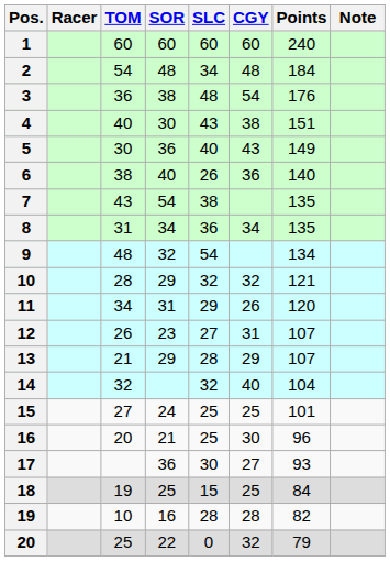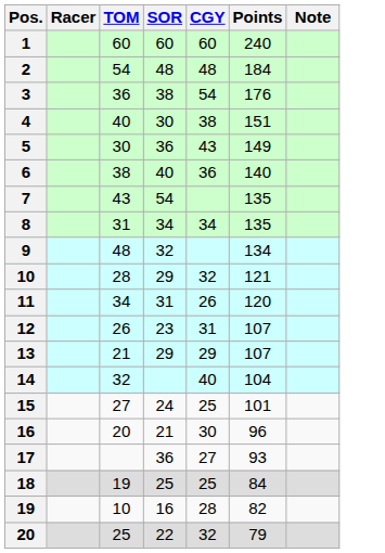 <table class="wikitable sortable plainrowheaders" style="text-align:center;">
 <tr>
 <th scope="col">Pos.</th>
 <th scope="col">Racer</th>
 <th scope="col"> <a href='#'>TOM</a></th>
 <th scope="col"> <a href='#'>SOR</a></th>
-<th scope="col"> <a href='#'>SLC</a></th>
 <th scope="col"> <a href='#'>CGY</a></th>
 <th style="width:45px;">Points</th>
 <th style="width:45px;">Note</th>
 </tr>
 <tr bgcolor=#ccffcc>
 <th style="text - align:center; ">1</th>
 <td align="left"></td>
-<td>60</td>
 <td>60</td>
 <td>60</td>
 <td>60</td>
 <td>240</td>
 <td></td>
 </tr>
 <tr bgcolor=#ccffcc>
 <th style="text - align:center; ">2</th>
 <td align="left"></td>
 <td>54</td>
 <td>48</td>
-<td>34</td>
 <td>48</td>
 <td>184</td>
 <td></td>
 </tr>
 <tr bgcolor=#ccffcc>
 <th style="text - align:center; ">3</th>
 <td align="left"></td>
 <td>36</td>
 <td>38</td>
-<td>48</td>
 <td>54</td>
 <td>176</td>
 <td></td>
 </tr>
 <tr bgcolor=#ccffcc>
 <th style="text - align:center; ">4</th>
 <td align="left"></td>
 <td>40</td>
 <td>30</td>
-<td>43</td>
 <td>38</td>
 <td>151</td>
 <td></td>
 </tr>
 <tr bgcolor=#ccffcc>
 <th style="text - align:center; ">5</th>
 <td align="left"></td>
 <td>30</td>
 <td>36</td>
-<td>40</td>
 <td>43</td>
 <td>149</td>
 <td></td>
 </tr>
 <tr bgcolor=#ccffcc>
 <th style="text - align:center; ">6</th>
 <td align="left"></td>
 <td>38</td>
 <td>40</td>
-<td>26</td>
 <td>36</td>
 <td>140</td>
 <td></td>
 </tr>
 <tr bgcolor=#ccffcc>
 <th style="text - align:center; ">7</th>
 <td align="left"></td>
 <td>43</td>
 <td>54</td>
-<td>38</td>
 <td></td>
 <td>135</td>
 <td></td>
 </tr>
 <tr bgcolor=#ccffcc>
 <th style="text - align:center; ">8</th>
 <td align="left"></td>
 <td>31</td>
 <td>34</td>
-<td>36</td>
 <td>34</td>
 <td>135</td>
 <td></td>
 </tr>
 <tr bgcolor=#ccffff>
 <th style="text - align:center; ">9</th>
 <td align="left"></td>
 <td>48</td>
 <td>32</td>
-<td>54</td>
 <td></td>
 <td>134</td>
 <td></td>
 </tr>
 <tr bgcolor=#ccffff>
 <th style="text - align:center; ">10</th>
 <td align="left"></td>
 <td>28</td>
 <td>29</td>
 <td>32</td>
-<td>32</td>
 <td>121</td>
 <td></td>
 </tr>
 <tr bgcolor=#ccffff>
 <th style="text - align:center; ">11</th>
 <td align="left"></td>
 <td>34</td>
 <td>31</td>
-<td>29</td>
 <td>26</td>
 <td>120</td>
 <td></td>
 </tr>
 <tr bgcolor=#ccffff>
 <th style="text - align:center; ">12</th>
 <td align="left"></td>
 <td>26</td>
 <td>23</td>
-<td>27</td>
 <td>31</td>
 <td>107</td>
 <td></td>
 </tr>
 <tr bgcolor=#ccffff>
 <th style="text - align:center; ">13</th>
 <td align="left"></td>
 <td>21</td>
 <td>29</td>
-<td>28</td>
 <td>29</td>
 <td>107</td>
 <td></td>
 </tr>
 <tr bgcolor=#ccffff>
 <th style="text - align:center; ">14</th>
 <td align="left"></td>
 <td>32</td>
 <td></td>
-<td>32</td>
 <td>40</td>
 <td>104</td>
 <td></td>
 </tr>
 <tr>
 <th style="text - align:center; ">15</th>
 <td align="left"></td>
 <td>27</td>
 <td>24</td>
 <td>25</td>
-<td>25</td>
 <td>101</td>
 <td></td>
 </tr>
 <tr>
 <th style="text - align:center; ">16</th>
 <td align="left"></td>
 <td>20</td>
 <td>21</td>
-<td>25</td>
 <td>30</td>
 <td>96</td>
 <td></td>
 </tr>
 <tr>
 <th style="text - align:center; ">17</th>
 <td align="left"></td>
 <td></td>
 <td>36</td>
-<td>30</td>
 <td>27</td>
 <td>93</td>
 <td></td>
 </tr>
 <tr bgcolor=#dddddd>
 <th style="text - align:center; ">18</th>
 <td align="left"></td>
 <td>19</td>
 <td>25</td>
-<td>15</td>
 <td>25</td>
 <td>84</td>
 <td></td>
 </tr>
 <tr>
 <th style="text - align:center; ">19</th>
 <td align="left"></td>
 <td>10</td>
 <td>16</td>
 <td>28</td>
-<td>28</td>
 <td>82</td>
 <td></td>
 </tr>
 <tr bgcolor=#dddddd>
 <th style="text - align:center; ">20</th>
 <td align="left"></td>
 <td>25</td>
 <td>22</td>
-<td>0</td>
 <td>32</td>
 <td>79</td>
 <td></td>
 </tr>
 </table>
